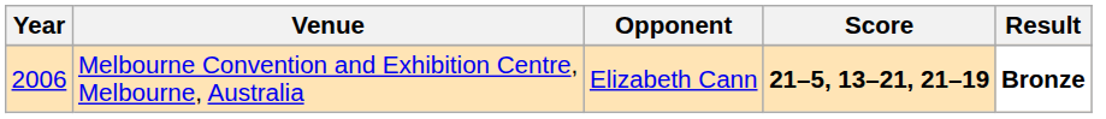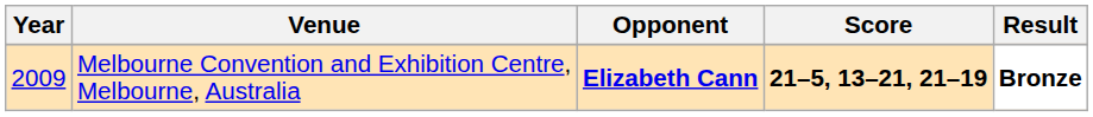 <table class="sortable wikitable" style="font-size: 90%;">
 <tr>
 <th>Year</th>
 <th>Venue</th>
 <th>Opponent</th>
 <th>Score</th>
 <th>Result</th>
 </tr>
 <tr>
 </tr>
 <tr style="background:#FFE4B5">
-<td align="center"><a href='#'>2006</a></td>
+<td align="center"><a href='#'>2009</a></td>
 <td align="left"><a href='#'>Melbourne Convention and Exhibition Centre</a>,<br><a href='#'>Melbourne</a>, <a href='#'>Australia</a></td>
-<td align="left"> <a href='#'>Elizabeth Cann</a></td>
+<td align="left"><strong> <a href='#'>Elizabeth Cann</a></strong></td>
 <td align="left"><strong>21–5, 13–21, 21–19</strong></td>
 <td style="text-align:left; background:white"> <strong>Bronze</strong></td>
 </tr>
 </table>
